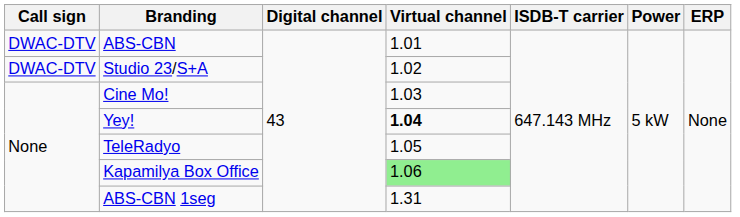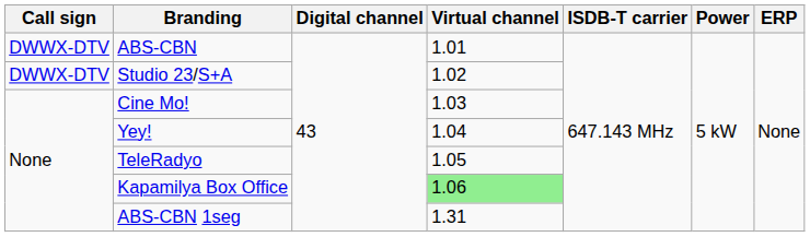 <table class="wikitable sortable">
 <tr>
 <th>Call sign</th>
 <th>Branding</th>
 <th>Digital channel</th>
 <th>Virtual channel</th>
 <th>ISDB-T carrier</th>
 <th>Power</th>
 <th>ERP</th>
 </tr>
 <tr>
-<td><a href='#'>DWAC-DTV</a></td>
+<td><a href='#'>DWWX-DTV</a></td>
 <td><a href='#'>ABS-CBN</a></td>
 <td rowspan="7'">43</td>
 <td>1.01</td>
 <td rowspan="7">647.143 MHz</td>
 <td rowspan="7">5 kW</td>
 <td rowspan="7">None</td>
 </tr>
 <tr>
-<td><a href='#'>DWAC-DTV</a></td>
+<td><a href='#'>DWWX-DTV</a></td>
 <td><a href='#'>Studio 23</a>/<a href='#'>S+A</a></td>
 <td>1.02</td>
 </tr>
 <tr>
 <td rowspan="6">None</td>
 <td><a href='#'>Cine Mo!</a></td>
 <td>1.03</td>
 </tr>
 <tr>
 <td><a href='#'>Yey!</a></td>
-<td><strong>1.04</strong></td>
+<td>1.04</td>
 </tr>
 <tr>
 <td><a href='#'>TeleRadyo</a></td>
 <td>1.05</td>
 </tr>
 <tr>
 <td><a href='#'>Kapamilya Box Office</a></td>
 <td style="background: lightgreen;">1.06</td>
 </tr>
 <tr>
 <td><a href='#'>ABS-CBN</a> <a href='#'>1seg</a></td>
 <td>1.31</td>
 </tr>
 </table>
